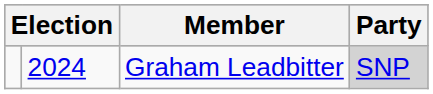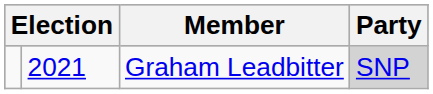 <table class="wikitable">
 <tr>
 <th colspan="2">Election</th>
 <th>Member</th>
 <th>Party</th>
 </tr>
 <tr>
 <td style="color:inherit;background-color: "></td>
-<td><a href='#'>2024</a></td>
+<td><a href='#'>2021</a></td>
 <td><a href='#'>Graham Leadbitter</a></td>
 <td style="background: lightgrey;"><a href='#'>SNP</a></td>
 </tr>
 </table>
